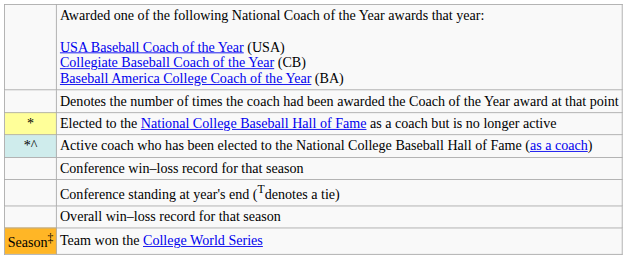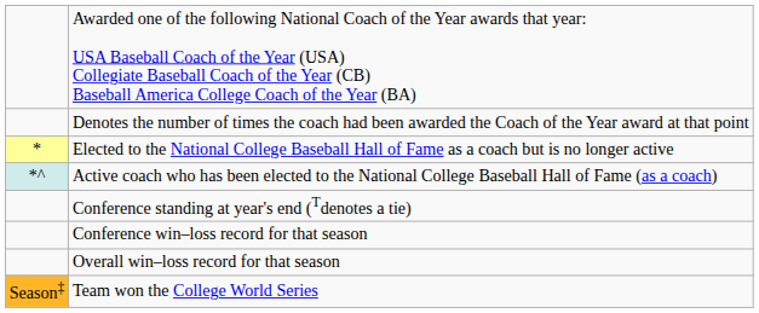 <table class="wikitable">
 <tr>
 <td></td>
 <td>Awarded one of the following National Coach of the Year awards that year:<br><br><a href='#'>USA Baseball Coach of the Year</a> (USA)<br> <a href='#'>Collegiate Baseball Coach of the Year</a> (CB)<br> <a href='#'>Baseball America College Coach of the Year</a> (BA)</td>
 </tr>
 <tr>
 <td></td>
 <td>Denotes the number of times the coach had been awarded the Coach of the Year award at that point</td>
 </tr>
 <tr>
 <td style="background-color:#FFFF99; width:3em; text-align:center;">*</td>
 <td>Elected to the <a href='#'>National College Baseball Hall of Fame</a> as a coach but is no longer active</td>
 </tr>
 <tr>
 <td style="background-color:#CFECEC; width:3em; text-align:center;">*^</td>
 <td>Active coach who has been elected to the National College Baseball Hall of Fame (<a href='#'>as a coach</a>)</td>
 </tr>
 <tr>
 <td></td>
-<td>Conference win–loss record for that season</td>
+<td>Conference standing at year's end (<sup>T</sup>denotes a tie)</td>
 </tr>
 <tr>
 <td></td>
-<td>Conference standing at year's end (<sup>T</sup>denotes a tie)</td>
+<td>Conference win–loss record for that season</td>
 </tr>
 <tr>
 <td></td>
 <td>Overall win–loss record for that season</td>
 </tr>
 <tr>
 <td style="background-color:#ffb626; width:3em">Season<sup>‡</sup></td>
 <td>Team won the <a href='#'>College World Series</a></td>
 </tr>
 </table>
